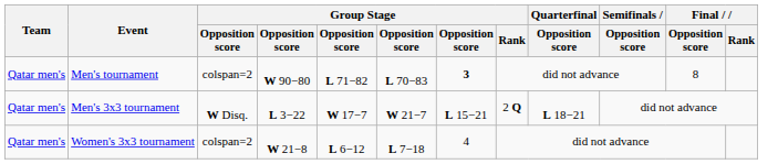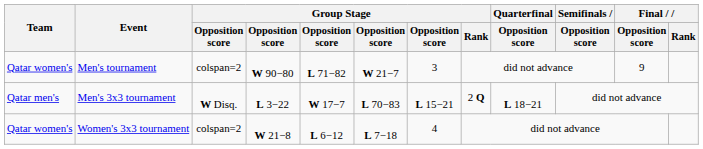 <table class=wikitable style=font-size:90%;text-align:center>
 <tr>
 <th rowspan=2>Team</th>
 <th rowspan=2>Event</th>
 <th colspan=6>Group Stage</th>
 <th>Quarterfinal</th>
 <th>Semifinals / </th>
 <th colspan=2>Final /  / </th>
 </tr>
 <tr style="font-size:95%">
 <th>Opposition<br> score</th>
 <th>Opposition<br> score</th>
 <th>Opposition<br> score</th>
 <th>Opposition<br> score</th>
 <th>Opposition<br> score</th>
 <th>Rank</th>
 <th>Opposition<br> score</th>
 <th>Opposition<br> score</th>
 <th>Opposition<br> score</th>
 <th>Rank</th>
 </tr>
 <tr align=center>
-<td align=left><a href='#'>Qatar men's</a></td>
+<td align=left><a href='#'>Qatar women's</a></td>
 <td align=left><a href='#'>Men's tournament</a></td>
 <td>colspan=2 </td>
 <td><br><strong>W</strong> 90−80</td>
 <td><br><strong>L</strong> 71−82</td>
-<td><br><strong>L</strong> 70−83</td>
-<td><strong>3</strong></td>
+<td><br><strong>W</strong> 21−7</td>
+<td>3</td>
 <td colspan=3>did not advance</td>
-<td>8</td>
+<td>9</td>
 </tr>
 <tr align=center>
 <td align=left><a href='#'>Qatar men's</a></td>
 <td align=left><a href='#'>Men's 3x3 tournament</a></td>
 <td><br><strong>W</strong> Disq.</td>
 <td><br><strong>L</strong> 3−22</td>
 <td><br><strong>W</strong> 17−7</td>
-<td><br><strong>W</strong> 21−7</td>
+<td><br><strong>L</strong> 70−83</td>
 <td><br><strong>L</strong> 15−21</td>
 <td>2 <strong>Q</strong></td>
 <td><br><strong>L</strong> 18−21</td>
 <td colspan=3>did not advance</td>
 </tr>
 <tr align=center>
-<td align=left><a href='#'>Qatar men's</a></td>
+<td align=left><a href='#'>Qatar women's</a></td>
 <td align=left><a href='#'>Women's 3x3 tournament</a></td>
 <td>colspan=2 </td>
 <td><br><strong>W</strong> 21−8</td>
 <td><br><strong>L</strong> 6−12</td>
 <td><br><strong>L</strong> 7−18</td>
 <td>4</td>
 <td colspan=4>did not advance</td>
 </tr>
 </table>
